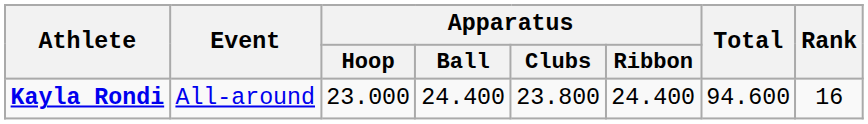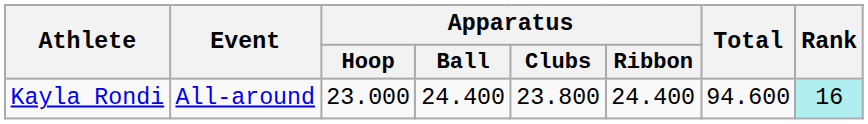 <table class=wikitable style="font-size:90%">
 <tr>
 <th rowspan=2>Athlete</th>
 <th rowspan=2>Event</th>
 <th colspan=4>Apparatus</th>
 <th rowspan=2>Total</th>
 <th rowspan=2>Rank</th>
 </tr>
 <tr style="font-size:95%;">
 <th>Hoop</th>
 <th>Ball</th>
 <th>Clubs</th>
 <th>Ribbon</th>
 </tr>
 <tr align=center>
-<td align=left><strong><a href='#'>Kayla Rondi</a></strong></td>
+<td align=left><a href='#'>Kayla Rondi</a></td>
 <td align=left><a href='#'>All-around</a></td>
 <td>23.000</td>
 <td>24.400</td>
 <td>23.800</td>
 <td>24.400</td>
 <td>94.600</td>
-<td>16</td>
+<td style="background: paleturquoise;">16</td>
 </tr>
 </table>
